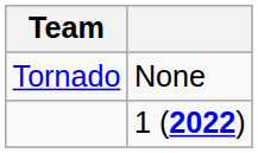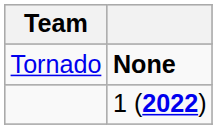 <table class="wikitable plainrowheaders">
 <tr>
 <th scope="col">Team</th>
 <th scope="col"></th>
 </tr>
 <tr>
 <td><a href='#'>Tornado</a></td>
-<td>None</td>
+<td><strong>None</strong></td>
 </tr>
 <tr>
 <td></td>
 <td>1 (<strong><a href='#'>2022</a></strong>)</td>
 </tr>
 </table>
